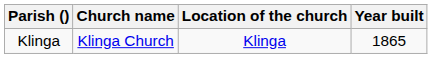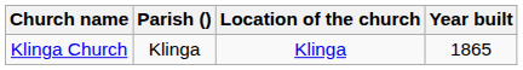 <table class="wikitable" style="text-align:center">
 <tr>
+<th>Church name</th>
 <th>Parish ()</th>
-<th>Church name</th>
 <th>Location of the church</th>
 <th>Year built</th>
 </tr>
 <tr>
+<td><a href='#'>Klinga Church</a></td>
 <td>Klinga</td>
-<td><a href='#'>Klinga Church</a></td>
 <td><a href='#'>Klinga</a></td>
 <td>1865</td>
 </tr>
 </table>
